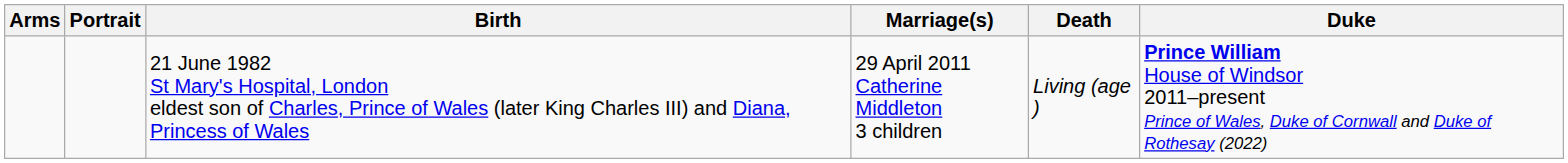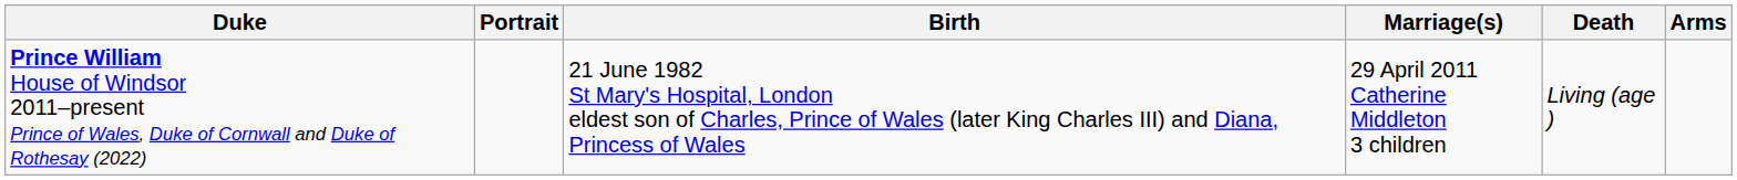 <table class="wikitable">
 <tr>
-<th>Arms</th>
+<th>Duke</th>
 <th>Portrait</th>
 <th>Birth</th>
 <th>Marriage(s)</th>
 <th>Death</th>
-<th>Duke</th>
+<th>Arms</th>
 </tr>
 <tr>
-<td></td>
+<td><strong><a href='#'>Prince William</a></strong><br><a href='#'>House of Windsor</a><br>2011–present<br><small><em><a href='#'>Prince of Wales</a>, <a href='#'>Duke of Cornwall</a> and <a href='#'>Duke of Rothesay</a> (2022)</em></small></td>
 <td></td>
 <td>21 June 1982<br><a href='#'>St Mary's Hospital, London</a><br>eldest son of <a href='#'>Charles, Prince of Wales</a> (later King Charles III) and <a href='#'>Diana, Princess of Wales</a></td>
 <td>29 April 2011<br><a href='#'>Catherine Middleton</a><br>3 children</td>
 <td><em>Living (age )</em></td>
-<td><strong><a href='#'>Prince William</a></strong><br><a href='#'>House of Windsor</a><br>2011–present<br><small><em><a href='#'>Prince of Wales</a>, <a href='#'>Duke of Cornwall</a> and <a href='#'>Duke of Rothesay</a> (2022)</em></small></td>
+<td></td>
 </tr>
 </table>
